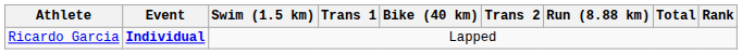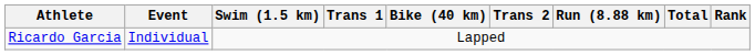 <table class="wikitable" style="font-size:90%">
 <tr>
 <th>Athlete</th>
 <th>Event</th>
 <th>Swim (1.5 km)</th>
 <th>Trans 1</th>
 <th>Bike (40 km)</th>
 <th>Trans 2</th>
 <th>Run (8.88 km)</th>
 <th>Total</th>
 <th>Rank</th>
 </tr>
 <tr>
 <td><a href='#'>Ricardo Garcia</a></td>
-<td><strong><a href='#'>Individual</a></strong></td>
+<td><a href='#'>Individual</a></td>
 <td colspan="7" align=center>Lapped</td>
 </tr>
 </table>
